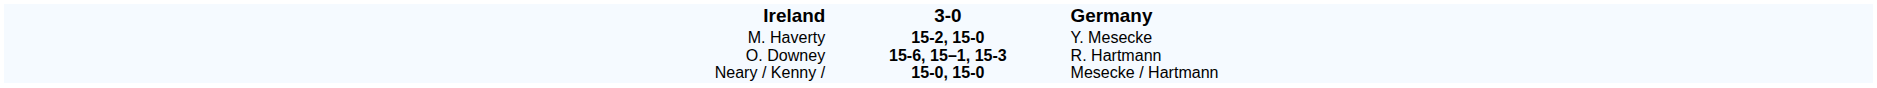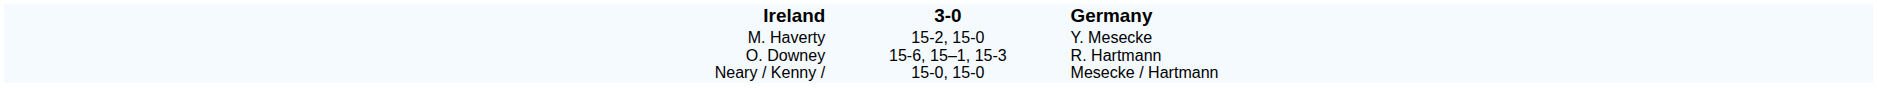 <table style="width: 100%; background:#F5FAFF;" cellspacing="0">
 <tr>
 <td align=center rowspan=3 width=20%><br></td>
 </tr>
 <tr>
 <td width=24% align=right><strong>Ireland</strong></td>
 <td align=center width=13%><strong>3-0</strong></td>
 <td width=24%><strong>Germany</strong></td>
 <td style=font-size:85% rowspan=3 valign=middle align=center></td>
 </tr>
 <tr style=font-size:85%>
 <td align=right valign=top>M. Haverty <br>O. Downey<br>Neary / Kenny /</td>
-<td align=center><strong>15-2, 15-0<br>15-6, 15–1, 15-3<br>15-0, 15-0</strong></td>
+<td align=center>15-2, 15-0<br>15-6, 15–1, 15-3<br>15-0, 15-0</td>
 <td>Y. Mesecke<br>R. Hartmann<br>Mesecke / Hartmann</td>
 </tr>
 </table>
